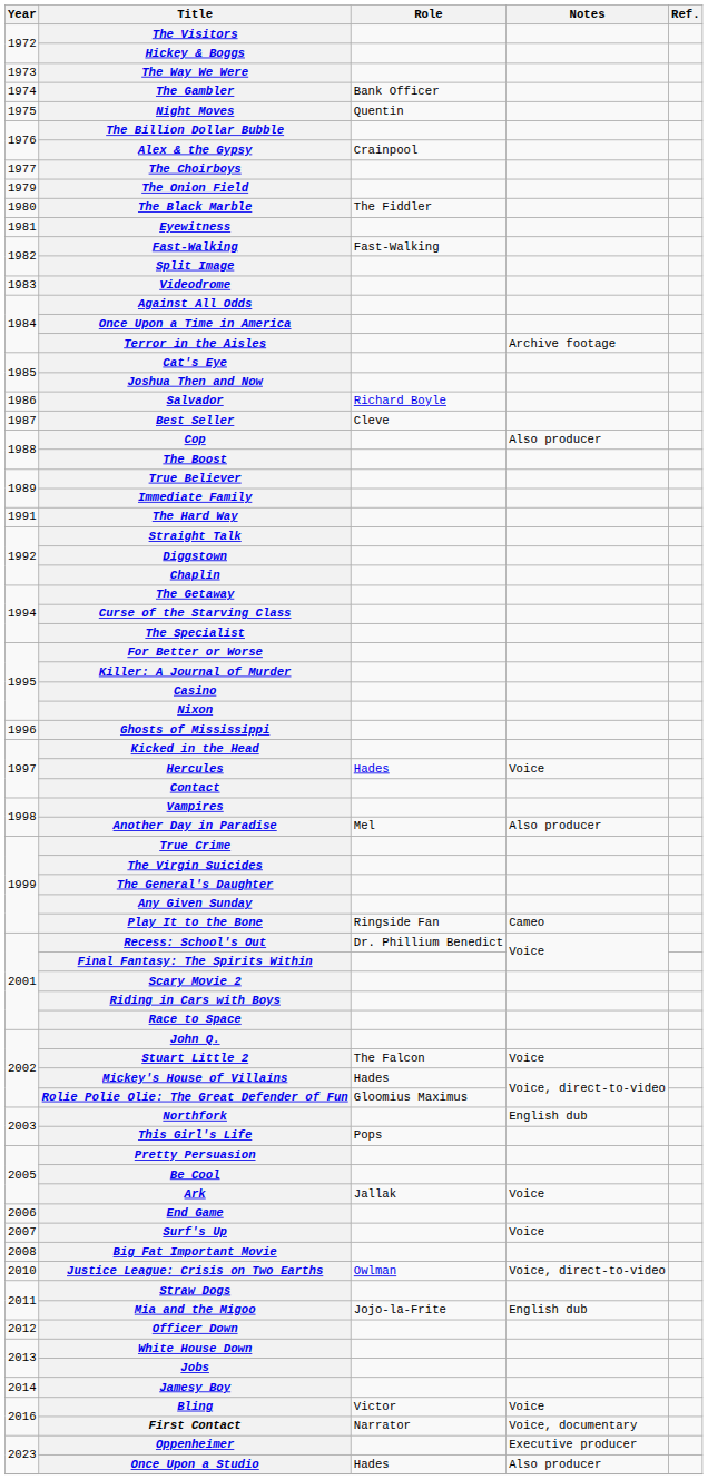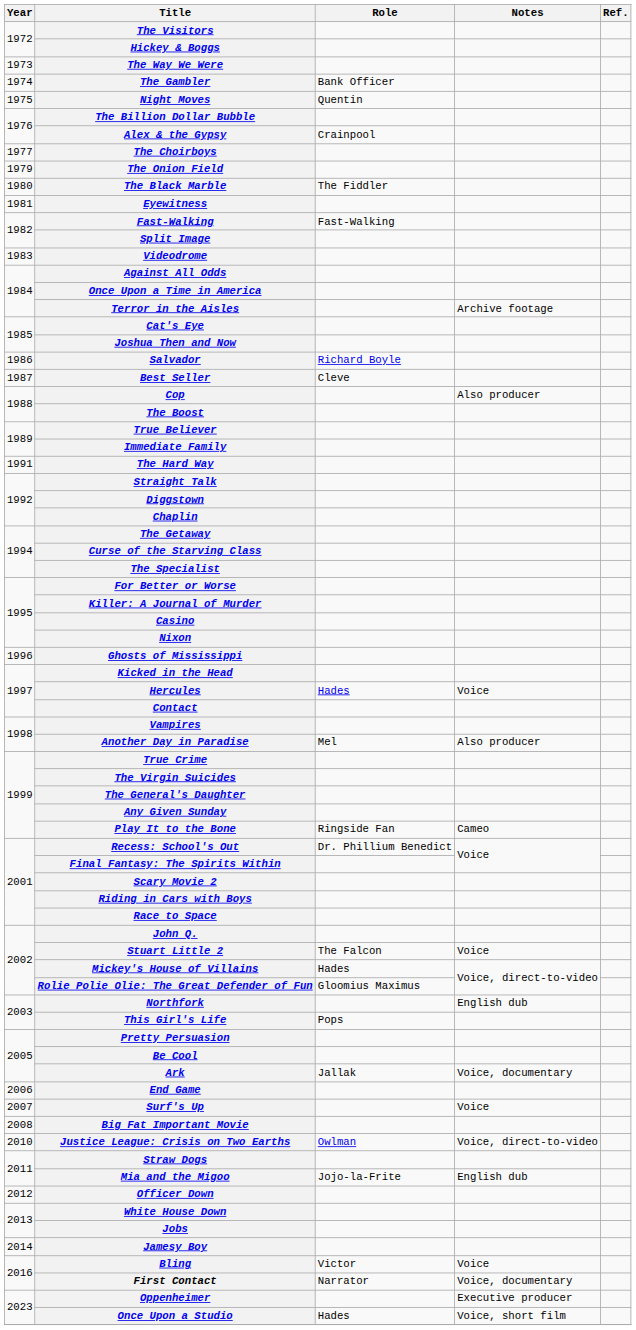 <table class="wikitable plainrowheaders sortable">
 <tr>
 <th scope="col">Year</th>
 <th scope="col">Title</th>
 <th scope="col">Role</th>
 <th scope="col" class="unsortable">Notes</th>
 <th scope="col">Ref.</th>
 </tr>
 <tr>
 <td rowspan="2">1972</td>
 <th scope=row><em><a href='#'>The Visitors</a></em></th>
 <td></td>
 <td></td>
 <td align="center"></td>
 </tr>
 <tr>
 <th scope=row><em><a href='#'>Hickey & Boggs</a></em></th>
 <td></td>
 <td></td>
 <td align="center"></td>
 </tr>
 <tr>
 <td>1973</td>
 <th scope=row><em><a href='#'>The Way We Were</a></em></th>
 <td></td>
 <td></td>
 <td align="center"></td>
 </tr>
 <tr>
 <td>1974</td>
 <th scope=row><em><a href='#'>The Gambler</a></em></th>
 <td>Bank Officer</td>
 <td></td>
 <td align="center"></td>
 </tr>
 <tr>
 <td>1975</td>
 <th scope=row><em><a href='#'>Night Moves</a></em></th>
 <td>Quentin</td>
 <td></td>
 <td align="center"></td>
 </tr>
 <tr>
 <td rowspan="2">1976</td>
 <th scope=row><em><a href='#'>The Billion Dollar Bubble</a></em></th>
 <td></td>
 <td></td>
 <td align="center"></td>
 </tr>
 <tr>
 <th scope=row><em><a href='#'>Alex & the Gypsy</a></em></th>
 <td>Crainpool</td>
 <td></td>
 <td align="center"></td>
 </tr>
 <tr>
 <td>1977</td>
 <th scope=row><em><a href='#'>The Choirboys</a></em></th>
 <td></td>
 <td></td>
 <td align="center"></td>
 </tr>
 <tr>
 <td>1979</td>
 <th scope=row><em><a href='#'>The Onion Field</a></em></th>
 <td></td>
 <td></td>
 <td align="center"></td>
 </tr>
 <tr>
 <td>1980</td>
 <th scope=row><em><a href='#'>The Black Marble</a></em></th>
 <td>The Fiddler</td>
 <td></td>
 <td align="center"></td>
 </tr>
 <tr>
 <td>1981</td>
 <th scope=row><em><a href='#'>Eyewitness</a></em></th>
 <td></td>
 <td></td>
 <td align="center"></td>
 </tr>
 <tr>
 <td rowspan="2">1982</td>
 <th scope=row><em><a href='#'>Fast-Walking</a></em></th>
 <td>Fast-Walking</td>
 <td></td>
 <td align="center"></td>
 </tr>
 <tr>
 <th scope=row><em><a href='#'>Split Image</a></em></th>
 <td></td>
 <td></td>
 <td align="center"></td>
 </tr>
 <tr>
 <td>1983</td>
 <th scope=row><em><a href='#'>Videodrome</a></em></th>
 <td></td>
 <td></td>
 <td align="center"></td>
 </tr>
 <tr>
 <td rowspan="3">1984</td>
 <th scope=row><em><a href='#'>Against All Odds</a></em></th>
 <td></td>
 <td></td>
 <td align="center"></td>
 </tr>
 <tr>
 <th scope=row><em><a href='#'>Once Upon a Time in America</a></em></th>
 <td></td>
 <td></td>
 <td align="center"></td>
 </tr>
 <tr>
 <th scope=row><em><a href='#'>Terror in the Aisles</a></em></th>
 <td></td>
 <td>Archive footage</td>
 </tr>
 <tr>
 <td rowspan="2">1985</td>
 <th scope=row><em><a href='#'>Cat's Eye</a></em></th>
 <td></td>
 <td></td>
 <td align="center"></td>
 </tr>
 <tr>
 <th scope=row><em><a href='#'>Joshua Then and Now</a></em></th>
 <td></td>
 <td></td>
 <td align="center"></td>
 </tr>
 <tr>
 <td>1986</td>
 <th scope=row><em><a href='#'>Salvador</a></em></th>
 <td><a href='#'>Richard Boyle</a></td>
 <td></td>
 <td align="center"></td>
 </tr>
 <tr>
 <td>1987</td>
 <th scope=row><em><a href='#'>Best Seller</a></em></th>
 <td>Cleve</td>
 <td></td>
 <td align="center"></td>
 </tr>
 <tr>
 <td rowspan="2">1988</td>
 <th scope=row><em><a href='#'>Cop</a></em></th>
 <td></td>
 <td>Also producer</td>
 <td align="center"></td>
 </tr>
 <tr>
 <th scope=row><em><a href='#'>The Boost</a></em></th>
 <td></td>
 <td></td>
 <td align="center"></td>
 </tr>
 <tr>
 <td rowspan="2">1989</td>
 <th scope=row><em><a href='#'>True Believer</a></em></th>
 <td></td>
 <td></td>
 <td align="center"></td>
 </tr>
 <tr>
 <th scope=row><em><a href='#'>Immediate Family</a></em></th>
 <td></td>
 <td></td>
 <td align="center"></td>
 </tr>
 <tr>
 <td>1991</td>
 <th scope=row><em><a href='#'>The Hard Way</a></em></th>
 <td></td>
 <td></td>
 <td align="center"></td>
 </tr>
 <tr>
 <td rowspan="3">1992</td>
 <th scope=row><em><a href='#'>Straight Talk</a></em></th>
 <td></td>
 <td></td>
 <td align="center"></td>
 </tr>
 <tr>
 <th scope=row><em><a href='#'>Diggstown</a></em></th>
 <td></td>
 <td></td>
 <td align="center"></td>
 </tr>
 <tr>
 <th scope=row><em><a href='#'>Chaplin</a></em></th>
 <td></td>
 <td></td>
 <td align="center"></td>
 </tr>
 <tr>
 <td rowspan="3">1994</td>
 <th scope=row><em><a href='#'>The Getaway</a></em></th>
 <td></td>
 <td></td>
 <td align="center"></td>
 </tr>
 <tr>
 <th scope=row><em><a href='#'>Curse of the Starving Class</a></em></th>
 <td></td>
 <td></td>
 <td align="center"></td>
 </tr>
 <tr>
 <th scope=row><em><a href='#'>The Specialist</a></em></th>
 <td></td>
 <td></td>
 <td align="center"></td>
 </tr>
 <tr>
 <td rowspan="4">1995</td>
 <th scope=row><em><a href='#'>For Better or Worse</a></em></th>
 <td></td>
 <td></td>
 <td align="center"></td>
 </tr>
 <tr>
 <th scope=row><em><a href='#'>Killer: A Journal of Murder</a></em></th>
 <td></td>
 <td></td>
 <td align="center"></td>
 </tr>
 <tr>
 <th scope=row><em><a href='#'>Casino</a></em></th>
 <td></td>
 <td></td>
 <td align="center"></td>
 </tr>
 <tr>
 <th scope=row><em><a href='#'>Nixon</a></em></th>
 <td></td>
 <td></td>
 <td align="center"></td>
 </tr>
 <tr>
 <td>1996</td>
 <th scope=row><em><a href='#'>Ghosts of Mississippi</a></em></th>
 <td></td>
 <td></td>
 <td align="center"></td>
 </tr>
 <tr>
 <td rowspan="3">1997</td>
 <th scope=row><em><a href='#'>Kicked in the Head</a></em></th>
 <td></td>
 <td></td>
 <td align="center"></td>
 </tr>
 <tr>
 <th scope=row><em><a href='#'>Hercules</a></em></th>
 <td><a href='#'>Hades</a></td>
 <td>Voice</td>
 <td></td>
 </tr>
 <tr>
 <th scope=row><em><a href='#'>Contact</a></em></th>
 <td></td>
 <td></td>
 <td align="center"></td>
 </tr>
 <tr>
 <td rowspan="2">1998</td>
 <th scope=row><em><a href='#'>Vampires</a></em></th>
 <td></td>
 <td></td>
 <td align="center"></td>
 </tr>
 <tr>
 <th scope=row><em><a href='#'>Another Day in Paradise</a></em></th>
 <td>Mel</td>
 <td>Also producer</td>
 <td align="center"></td>
 </tr>
 <tr>
 <td rowspan="5">1999</td>
 <th scope=row><em><a href='#'>True Crime</a></em></th>
 <td></td>
 <td></td>
 <td align="center"></td>
 </tr>
 <tr>
 <th scope=row><em><a href='#'>The Virgin Suicides</a></em></th>
 <td></td>
 <td></td>
 <td align="center"></td>
 </tr>
 <tr>
 <th scope=row><em><a href='#'>The General's Daughter</a></em></th>
 <td></td>
 <td></td>
 <td align="center"></td>
 </tr>
 <tr>
 <th scope=row><em><a href='#'>Any Given Sunday</a></em></th>
 <td></td>
 <td></td>
 <td align="center"></td>
 </tr>
 <tr>
 <th scope=row><em><a href='#'>Play It to the Bone</a></em></th>
 <td>Ringside Fan</td>
 <td>Cameo</td>
 <td align="center"></td>
 </tr>
 <tr>
 <td rowspan="5">2001</td>
 <th scope=row><em><a href='#'>Recess: School's Out</a></em></th>
 <td>Dr. Phillium Benedict</td>
 <td rowspan="2">Voice</td>
 <td></td>
 </tr>
 <tr>
 <th scope=row><em><a href='#'>Final Fantasy: The Spirits Within</a></em></th>
 <td></td>
 <td></td>
 </tr>
 <tr>
 <th scope=row><em><a href='#'>Scary Movie 2</a></em></th>
 <td></td>
 <td></td>
 <td align="center"></td>
 </tr>
 <tr>
 <th scope=row><em><a href='#'>Riding in Cars with Boys</a></em></th>
 <td></td>
 <td></td>
 <td align="center"></td>
 </tr>
 <tr>
 <th scope=row><em><a href='#'>Race to Space</a></em></th>
 <td></td>
 <td></td>
 <td align="center"></td>
 </tr>
 <tr>
 <td rowspan="4">2002</td>
 <th scope=row><em><a href='#'>John Q.</a></em></th>
 <td></td>
 <td></td>
 <td align="center"></td>
 </tr>
 <tr>
 <th scope=row><em><a href='#'>Stuart Little 2</a></em></th>
 <td>The Falcon</td>
 <td>Voice</td>
 <td></td>
 </tr>
 <tr>
 <th scope=row><em><a href='#'>Mickey's House of Villains</a></em></th>
 <td>Hades</td>
 <td rowspan="2">Voice, direct-to-video</td>
 <td align="center"></td>
 </tr>
 <tr>
 <th scope=row><em><a href='#'>Rolie Polie Olie: The Great Defender of Fun</a></em></th>
 <td>Gloomius Maximus</td>
 <td align="center"></td>
 </tr>
 <tr>
 <td rowspan="2">2003</td>
 <th scope=row><em><a href='#'>Northfork</a></em></th>
 <td></td>
 <td>English dub</td>
 <td align="center"></td>
 </tr>
 <tr>
 <th scope=row><em><a href='#'>This Girl's Life</a></em></th>
 <td>Pops</td>
 <td></td>
 <td align="center"></td>
 </tr>
 <tr>
 <td rowspan="3">2005</td>
 <th scope=row><em><a href='#'>Pretty Persuasion</a></em></th>
 <td></td>
 <td></td>
 <td align="center"></td>
 </tr>
 <tr>
 <th scope=row><em><a href='#'>Be Cool</a></em></th>
 <td></td>
 <td></td>
 <td align="center"></td>
 </tr>
 <tr>
 <th scope=row><em><a href='#'>Ark</a></em></th>
 <td>Jallak</td>
-<td>Voice</td>
+<td>Voice, documentary</td>
 <td></td>
 </tr>
 <tr>
 <td>2006</td>
 <th scope=row><em><a href='#'>End Game</a></em></th>
 <td></td>
 <td></td>
 <td align="center"></td>
 </tr>
 <tr>
 <td>2007</td>
 <th scope=row><em><a href='#'>Surf's Up</a></em></th>
 <td></td>
 <td>Voice</td>
 <td></td>
 </tr>
 <tr>
 <td>2008</td>
 <th scope=row><em><a href='#'>Big Fat Important Movie</a></em></th>
 <td></td>
 <td></td>
 <td align="center"></td>
 </tr>
 <tr>
 <td>2010</td>
 <th scope=row><em><a href='#'>Justice League: Crisis on Two Earths</a></em></th>
 <td><a href='#'>Owlman</a></td>
 <td>Voice, direct-to-video</td>
 <td></td>
 </tr>
 <tr>
 <td rowspan="2">2011</td>
 <th scope=row><em><a href='#'>Straw Dogs</a></em></th>
 <td></td>
 <td></td>
 <td align="center"></td>
 </tr>
 <tr>
 <th scope=row><em><a href='#'>Mia and the Migoo</a></em></th>
 <td>Jojo-la-Frite</td>
 <td>English dub</td>
 <td></td>
 </tr>
 <tr>
 <td>2012</td>
 <th scope=row><em><a href='#'>Officer Down</a></em></th>
 <td></td>
 <td></td>
 <td align="center"></td>
 </tr>
 <tr>
 <td rowspan="2">2013</td>
 <th scope=row><em><a href='#'>White House Down</a></em></th>
 <td></td>
 <td></td>
 <td align="center"></td>
 </tr>
 <tr>
 <th scope=row><em><a href='#'>Jobs</a></em></th>
 <td></td>
 <td></td>
 <td align="center"></td>
 </tr>
 <tr>
 <td>2014</td>
 <th scope=row><em><a href='#'>Jamesy Boy</a></em></th>
 <td></td>
 <td></td>
 <td align="center"></td>
 </tr>
 <tr>
 <td rowspan="2">2016</td>
 <th scope=row><em><a href='#'>Bling</a></em></th>
 <td>Victor</td>
 <td>Voice</td>
 <td></td>
 </tr>
 <tr>
 <th scope=row><em>First Contact</em></th>
 <td>Narrator</td>
 <td>Voice, documentary</td>
 <td></td>
 </tr>
 <tr>
 <td rowspan="2">2023</td>
 <th scope=row><em><a href='#'>Oppenheimer</a></em></th>
 <td></td>
 <td>Executive producer</td>
 <td></td>
 </tr>
 <tr>
 <th scope=row><em><a href='#'>Once Upon a Studio</a></em></th>
 <td>Hades</td>
-<td>Also producer</td>
+<td>Voice, short film</td>
 <td></td>
 </tr>
 <tr>
 </tr>
 </table>
